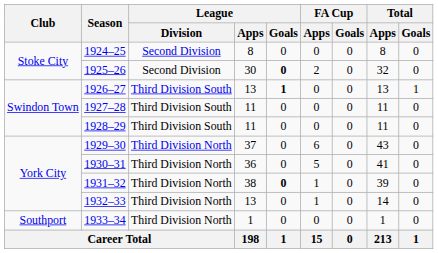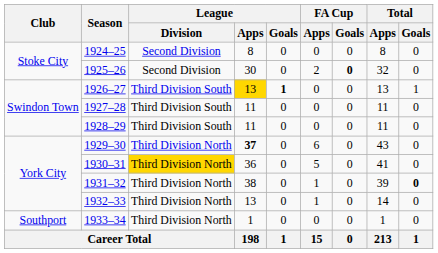 <table class="wikitable" style="text-align: center;">
 <tr>
 <th rowspan="2">Club</th>
 <th rowspan="2">Season</th>
 <th colspan="3">League</th>
 <th colspan="2">FA Cup</th>
 <th colspan="2">Total</th>
 </tr>
 <tr>
 <th>Division</th>
 <th>Apps</th>
 <th>Goals</th>
 <th>Apps</th>
 <th>Goals</th>
 <th>Apps</th>
 <th>Goals</th>
 </tr>
 <tr>
 <td rowspan="2"><a href='#'>Stoke City</a></td>
 <td><a href='#'>1924–25</a></td>
 <td><a href='#'>Second Division</a></td>
 <td>8</td>
 <td>0</td>
 <td>0</td>
 <td>0</td>
 <td>8</td>
 <td>0</td>
 </tr>
 <tr>
 <td><a href='#'>1925–26</a></td>
 <td>Second Division</td>
 <td>30</td>
+<td>0</td>
+<td>2</td>
 <td><strong>0</strong></td>
-<td>2</td>
-<td>0</td>
 <td>32</td>
 <td>0</td>
 </tr>
 <tr>
 <td rowspan="3"><a href='#'>Swindon Town</a></td>
 <td><a href='#'>1926–27</a></td>
 <td><a href='#'>Third Division South</a></td>
-<td>13</td>
+<td style="background: gold;">13</td>
 <td><strong>1</strong></td>
 <td>0</td>
 <td>0</td>
 <td>13</td>
 <td>1</td>
 </tr>
 <tr>
 <td><a href='#'>1927–28</a></td>
 <td>Third Division South</td>
 <td>11</td>
 <td>0</td>
 <td>0</td>
 <td>0</td>
 <td>11</td>
 <td>0</td>
 </tr>
 <tr>
 <td><a href='#'>1928–29</a></td>
 <td>Third Division South</td>
 <td>11</td>
 <td>0</td>
 <td>0</td>
 <td>0</td>
 <td>11</td>
 <td>0</td>
 </tr>
 <tr>
 <td rowspan="4"><a href='#'>York City</a></td>
 <td><a href='#'>1929–30</a></td>
 <td><a href='#'>Third Division North</a></td>
-<td>37</td>
+<td><strong>37</strong></td>
 <td>0</td>
 <td>6</td>
 <td>0</td>
 <td>43</td>
 <td>0</td>
 </tr>
 <tr>
 <td><a href='#'>1930–31</a></td>
-<td>Third Division North</td>
+<td style="background: gold;">Third Division North</td>
 <td>36</td>
 <td>0</td>
 <td>5</td>
 <td>0</td>
 <td>41</td>
 <td>0</td>
 </tr>
 <tr>
 <td><a href='#'>1931–32</a></td>
 <td>Third Division North</td>
 <td>38</td>
-<td><strong>0</strong></td>
+<td>0</td>
 <td>1</td>
 <td>0</td>
 <td>39</td>
-<td>0</td>
+<td><strong>0</strong></td>
 </tr>
 <tr>
 <td><a href='#'>1932–33</a></td>
 <td>Third Division North</td>
 <td>13</td>
 <td>0</td>
 <td>1</td>
 <td>0</td>
 <td>14</td>
 <td>0</td>
 </tr>
 <tr>
 <td><a href='#'>Southport</a></td>
 <td><a href='#'>1933–34</a></td>
 <td>Third Division North</td>
 <td>1</td>
 <td>0</td>
 <td>0</td>
 <td>0</td>
 <td>1</td>
 <td>0</td>
 </tr>
 <tr>
 <th colspan="3">Career Total</th>
 <th>198</th>
 <th>1</th>
 <th>15</th>
 <th>0</th>
 <th>213</th>
 <th>1</th>
 </tr>
 </table>
